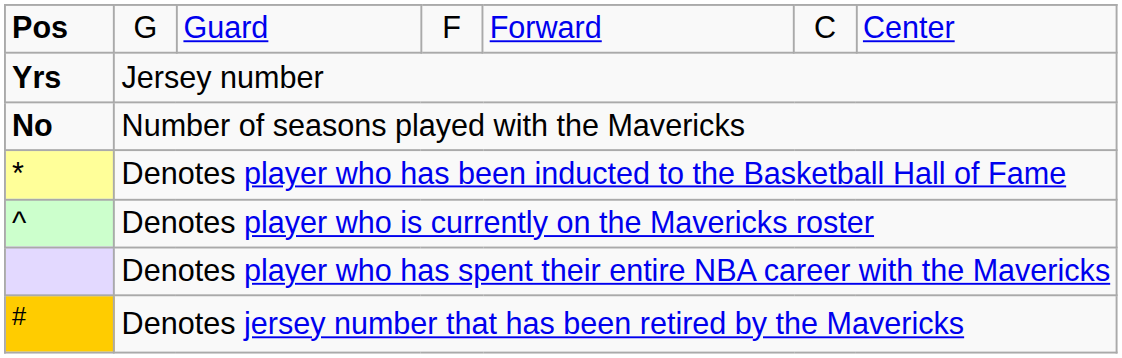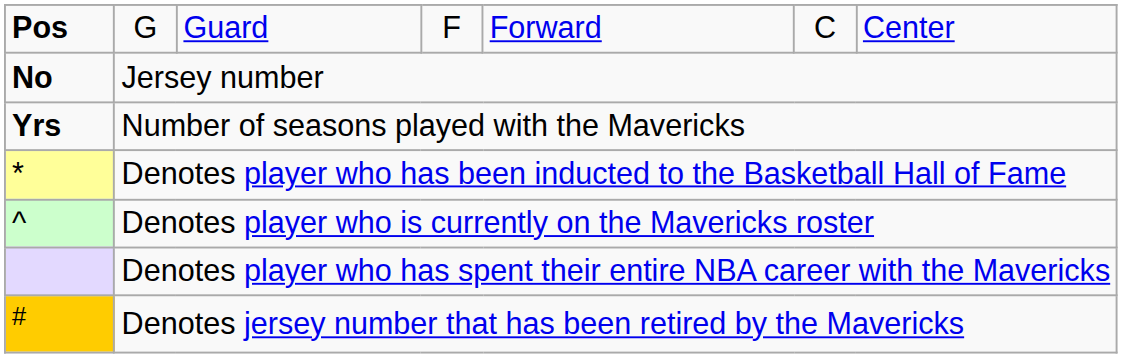 <table class="wikitable">
 <tr>
 <td width="50px"><strong>Pos</strong></td>
 <td width="25px" align="center">G</td>
 <td><a href='#'>Guard</a></td>
 <td width="25px" align="center">F</td>
 <td><a href='#'>Forward</a></td>
 <td width="25px" align="center">C</td>
 <td><a href='#'>Center</a></td>
 </tr>
 <tr>
-<td><strong>Yrs</strong></td>
+<td><strong>No</strong></td>
 <td colspan="6">Jersey number</td>
 </tr>
 <tr>
-<td><strong>No</strong></td>
+<td><strong>Yrs</strong></td>
 <td colspan="6">Number of seasons played with the Mavericks</td>
 </tr>
 <tr>
 <td style="background-color:#FFFF99">*</td>
 <td colspan="6">Denotes <a href='#'>player who has been inducted to the Basketball Hall of Fame</a></td>
 </tr>
 <tr>
 <td style="background-color:#CCFFCC">^</td>
 <td colspan="6">Denotes <a href='#'>player who is currently on the Mavericks roster</a></td>
 </tr>
 <tr>
 <td style="background-color:#E3D9FF"></td>
 <td colspan="6">Denotes <a href='#'>player who has spent their entire NBA career with the Mavericks</a></td>
 </tr>
 <tr>
 <td style="background-color:#FFCC00"><sup>#</sup></td>
 <td colspan="6">Denotes <a href='#'>jersey number that has been retired by the Mavericks</a></td>
 </tr>
 </table>
